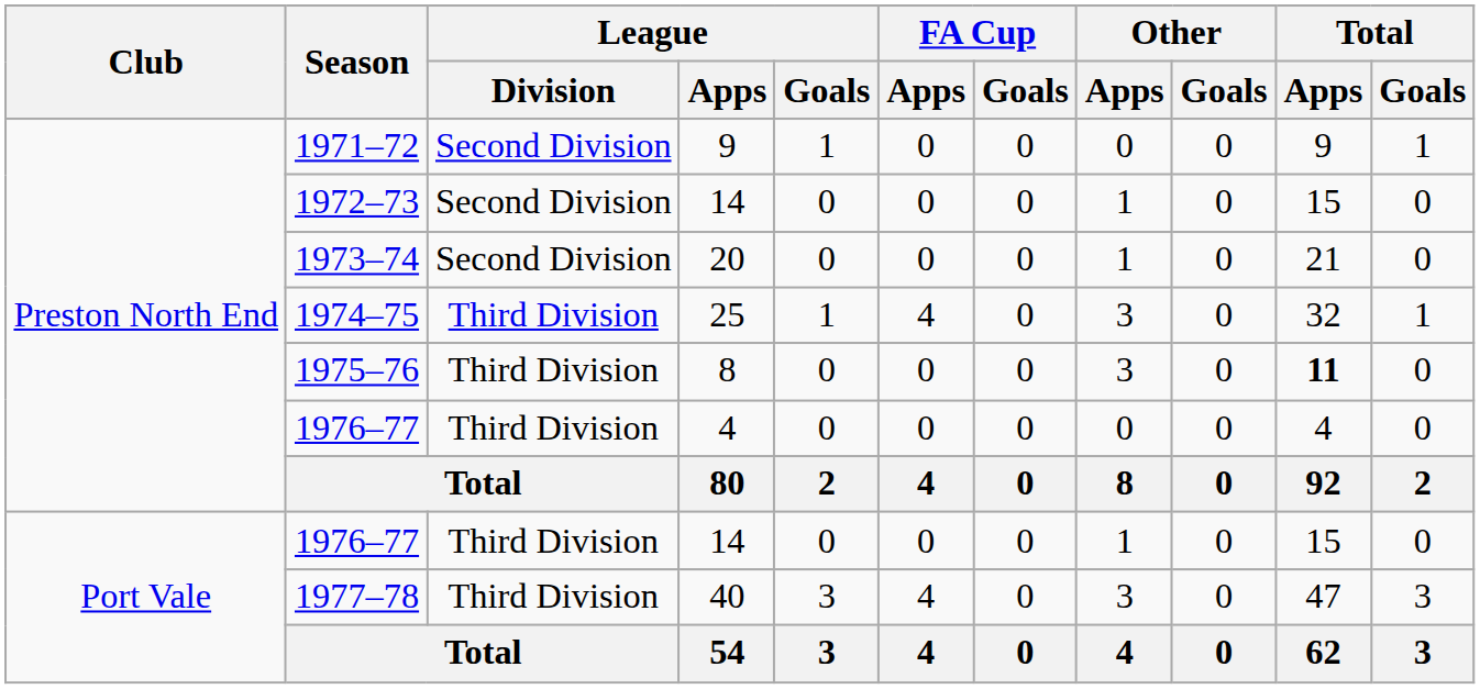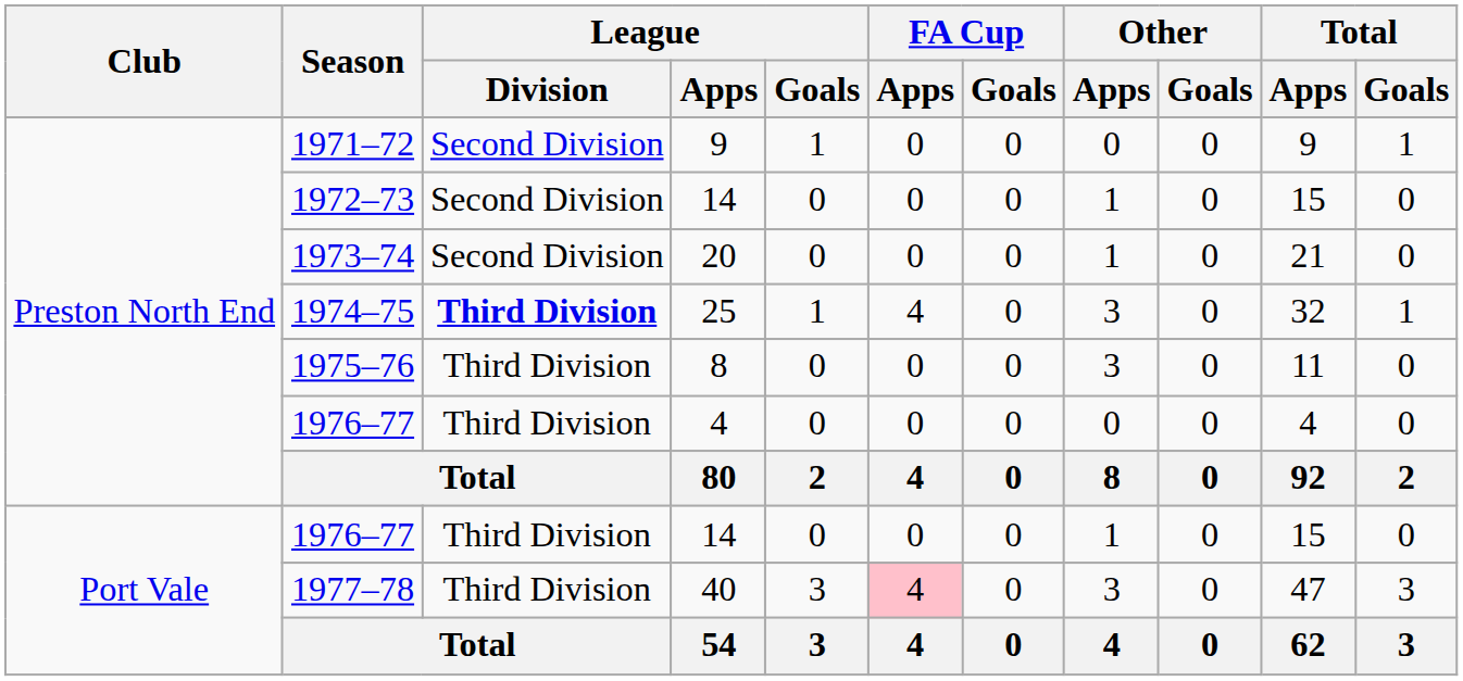 <table class="wikitable" style="text-align:center">
 <tr>
 <th rowspan="2">Club</th>
 <th rowspan="2">Season</th>
 <th colspan="3">League</th>
 <th colspan="2"><a href='#'>FA Cup</a></th>
 <th colspan="2">Other</th>
 <th colspan="2">Total</th>
 </tr>
 <tr>
 <th>Division</th>
 <th>Apps</th>
 <th>Goals</th>
 <th>Apps</th>
 <th>Goals</th>
 <th>Apps</th>
 <th>Goals</th>
 <th>Apps</th>
 <th>Goals</th>
 </tr>
 <tr>
 <td rowspan="7"><a href='#'>Preston North End</a></td>
 <td><a href='#'>1971–72</a></td>
 <td><a href='#'>Second Division</a></td>
 <td>9</td>
 <td>1</td>
 <td>0</td>
 <td>0</td>
 <td>0</td>
 <td>0</td>
 <td>9</td>
 <td>1</td>
 </tr>
 <tr>
 <td><a href='#'>1972–73</a></td>
 <td>Second Division</td>
 <td>14</td>
 <td>0</td>
 <td>0</td>
 <td>0</td>
 <td>1</td>
 <td>0</td>
 <td>15</td>
 <td>0</td>
 </tr>
 <tr>
 <td><a href='#'>1973–74</a></td>
 <td>Second Division</td>
 <td>20</td>
 <td>0</td>
 <td>0</td>
 <td>0</td>
 <td>1</td>
 <td>0</td>
 <td>21</td>
 <td>0</td>
 </tr>
 <tr>
 <td><a href='#'>1974–75</a></td>
-<td><a href='#'>Third Division</a></td>
+<td><strong><a href='#'>Third Division</a></strong></td>
 <td>25</td>
 <td>1</td>
 <td>4</td>
 <td>0</td>
 <td>3</td>
 <td>0</td>
 <td>32</td>
 <td>1</td>
 </tr>
 <tr>
 <td><a href='#'>1975–76</a></td>
 <td>Third Division</td>
 <td>8</td>
 <td>0</td>
 <td>0</td>
 <td>0</td>
 <td>3</td>
 <td>0</td>
-<td><strong>11</strong></td>
+<td>11</td>
 <td>0</td>
 </tr>
 <tr>
 <td><a href='#'>1976–77</a></td>
 <td>Third Division</td>
 <td>4</td>
 <td>0</td>
 <td>0</td>
 <td>0</td>
 <td>0</td>
 <td>0</td>
 <td>4</td>
 <td>0</td>
 </tr>
 <tr>
 <th colspan="2">Total</th>
 <th>80</th>
 <th>2</th>
 <th>4</th>
 <th>0</th>
 <th>8</th>
 <th>0</th>
 <th>92</th>
 <th>2</th>
 </tr>
 <tr>
 <td rowspan="3"><a href='#'>Port Vale</a></td>
 <td><a href='#'>1976–77</a></td>
 <td>Third Division</td>
 <td>14</td>
 <td>0</td>
 <td>0</td>
 <td>0</td>
 <td>1</td>
 <td>0</td>
 <td>15</td>
 <td>0</td>
 </tr>
 <tr>
 <td><a href='#'>1977–78</a></td>
 <td>Third Division</td>
 <td>40</td>
 <td>3</td>
-<td>4</td>
+<td style="background: pink;">4</td>
 <td>0</td>
 <td>3</td>
 <td>0</td>
 <td>47</td>
 <td>3</td>
 </tr>
 <tr>
 <th colspan="2">Total</th>
 <th>54</th>
 <th>3</th>
 <th>4</th>
 <th>0</th>
 <th>4</th>
 <th>0</th>
 <th>62</th>
 <th>3</th>
 </tr>
 </table>
